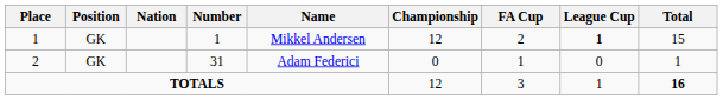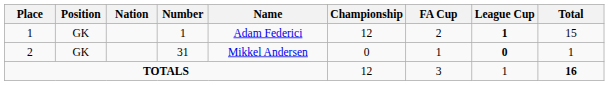 <table class="wikitable" style="font-size: 95%; text-align: center">
 <tr>
 <th width=60>Place</th>
 <th width=60>Position</th>
 <th width=60>Nation</th>
 <th width=60>Number</th>
 <th width=150>Name</th>
 <th width=80>Championship</th>
 <th width=80>FA Cup</th>
 <th width=80>League Cup</th>
 <th width=80>Total</th>
 </tr>
 <tr>
 <td>1</td>
 <td>GK</td>
 <td></td>
 <td>1</td>
-<td><a href='#'>Mikkel Andersen</a></td>
+<td><a href='#'>Adam Federici</a></td>
 <td>12</td>
 <td>2</td>
 <td><strong>1</strong></td>
 <td>15</td>
 </tr>
 <tr>
 <td>2</td>
 <td>GK</td>
 <td></td>
 <td>31</td>
-<td><a href='#'>Adam Federici</a></td>
+<td><a href='#'>Mikkel Andersen</a></td>
 <td>0</td>
 <td>1</td>
-<td>0</td>
+<td><strong>0</strong></td>
 <td>1</td>
 </tr>
 <tr>
 <td colspan="5"><strong>TOTALS</strong></td>
 <td>12</td>
 <td>3</td>
 <td>1</td>
 <td><strong>16</strong></td>
 </tr>
 </table>
